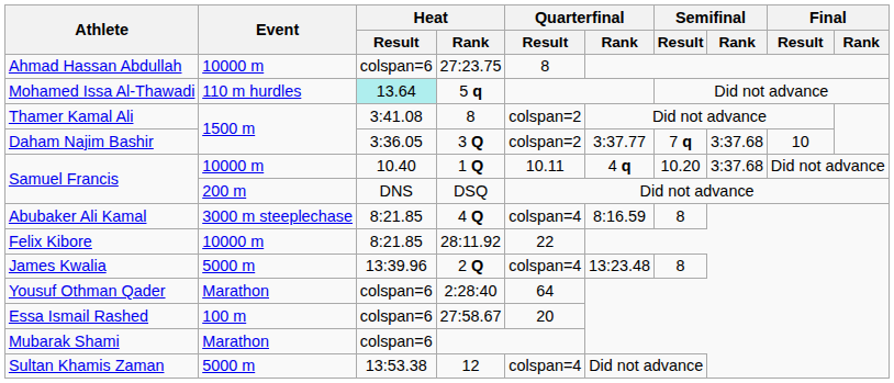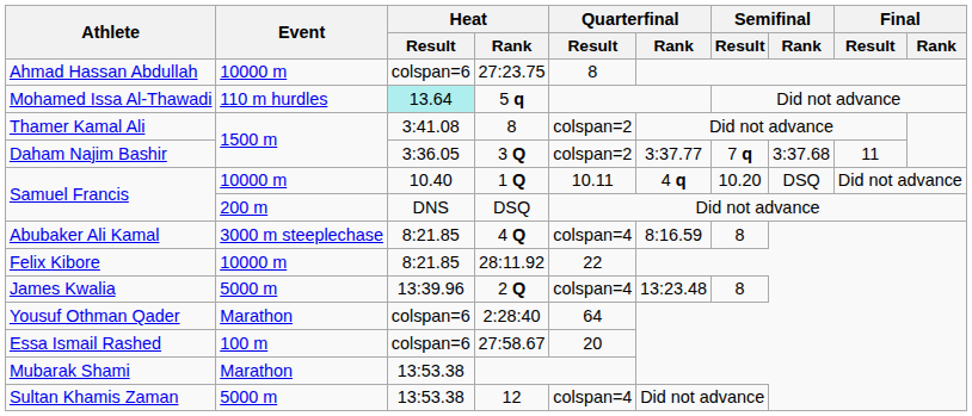 <table class=wikitable style="font-size:90%">
 <tr>
 <th rowspan="2">Athlete</th>
 <th rowspan="2">Event</th>
 <th colspan="2">Heat</th>
 <th colspan="2">Quarterfinal</th>
 <th colspan="2">Semifinal</th>
 <th colspan="2">Final</th>
 </tr>
 <tr style="font-size:95%">
 <th>Result</th>
 <th>Rank</th>
 <th>Result</th>
 <th>Rank</th>
 <th>Result</th>
 <th>Rank</th>
 <th>Result</th>
 <th>Rank</th>
 </tr>
 <tr align=center>
 <td align=left><a href='#'>Ahmad Hassan Abdullah</a></td>
 <td align=left><a href='#'>10000 m</a></td>
 <td>colspan=6 </td>
 <td>27:23.75</td>
 <td>8</td>
 </tr>
 <tr align=center>
 <td align=left><a href='#'>Mohamed Issa Al-Thawadi</a></td>
 <td align=left><a href='#'>110 m hurdles</a></td>
 <td style="background: paleturquoise;">13.64</td>
 <td>5 <strong>q</strong></td>
 <td colspan=2></td>
 <td colspan=4>Did not advance</td>
 </tr>
 <tr align=center>
 <td align=left><a href='#'>Thamer Kamal Ali</a></td>
 <td align=left rowspan=2><a href='#'>1500 m</a></td>
 <td>3:41.08</td>
 <td>8</td>
 <td>colspan=2 </td>
 <td colspan=4>Did not advance</td>
 </tr>
 <tr align=center>
 <td align=left><a href='#'>Daham Najim Bashir</a></td>
 <td>3:36.05</td>
 <td>3 <strong>Q</strong></td>
 <td>colspan=2 </td>
 <td>3:37.77</td>
 <td>7 <strong>q</strong></td>
 <td>3:37.68</td>
-<td>10</td>
+<td>11</td>
 </tr>
 <tr align=center>
 <td align=left rowspan=2><a href='#'>Samuel Francis</a></td>
 <td align=left><a href='#'>10000 m</a></td>
 <td>10.40</td>
 <td>1 <strong>Q</strong></td>
 <td>10.11</td>
 <td>4 <strong>q</strong></td>
 <td>10.20</td>
-<td>3:37.68</td>
+<td>DSQ</td>
 <td colspan=2>Did not advance</td>
 </tr>
 <tr align=center>
 <td align=left><a href='#'>200 m</a></td>
 <td>DNS</td>
 <td>DSQ</td>
 <td colspan=6>Did not advance</td>
 </tr>
 <tr align=center>
 <td align=left><a href='#'>Abubaker Ali Kamal</a></td>
 <td align=left><a href='#'>3000 m steeplechase</a></td>
 <td>8:21.85</td>
 <td>4 <strong>Q</strong></td>
 <td>colspan=4 </td>
 <td>8:16.59</td>
 <td>8</td>
 </tr>
 <tr align=center>
 <td align=left><a href='#'>Felix Kibore</a></td>
 <td align=left><a href='#'>10000 m</a></td>
 <td>8:21.85</td>
 <td>28:11.92</td>
 <td>22</td>
 </tr>
 <tr align=center>
 <td align=left><a href='#'>James Kwalia</a></td>
 <td align=left><a href='#'>5000 m</a></td>
 <td>13:39.96</td>
 <td>2 <strong>Q</strong></td>
 <td>colspan=4 </td>
 <td>13:23.48</td>
 <td>8</td>
 </tr>
 <tr align=center>
 <td align=left><a href='#'>Yousuf Othman Qader</a></td>
 <td align=left><a href='#'>Marathon</a></td>
 <td>colspan=6 </td>
 <td>2:28:40</td>
 <td>64</td>
 </tr>
 <tr align=center>
 <td align=left><a href='#'>Essa Ismail Rashed</a></td>
 <td align=left><a href='#'>100 m</a></td>
 <td>colspan=6 </td>
 <td>27:58.67</td>
 <td>20</td>
 </tr>
 <tr align=center>
 <td align=left><a href='#'>Mubarak Shami</a></td>
 <td align=left><a href='#'>Marathon</a></td>
-<td>colspan=6 </td>
+<td>13:53.38</td>
 <td colspan=2></td>
 </tr>
 <tr align=center>
 <td align=left><a href='#'>Sultan Khamis Zaman</a></td>
 <td align=left><a href='#'>5000 m</a></td>
 <td>13:53.38</td>
 <td>12</td>
 <td>colspan=4 </td>
 <td colspan=2>Did not advance</td>
 </tr>
 </table>
